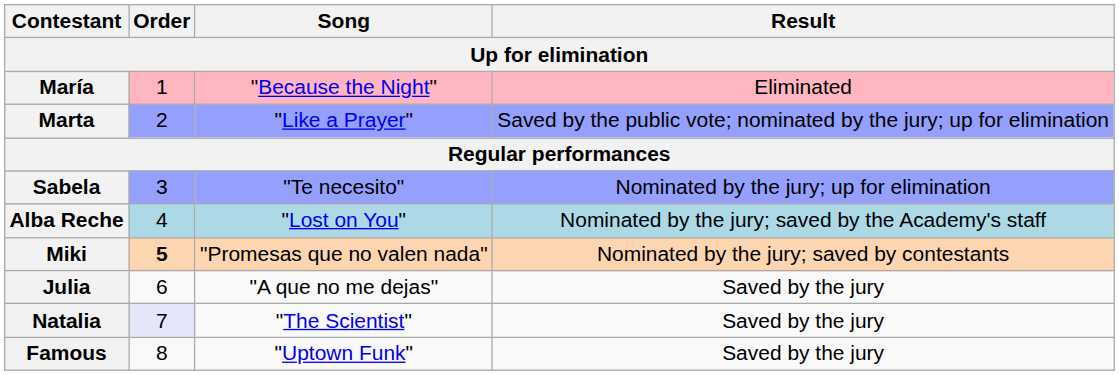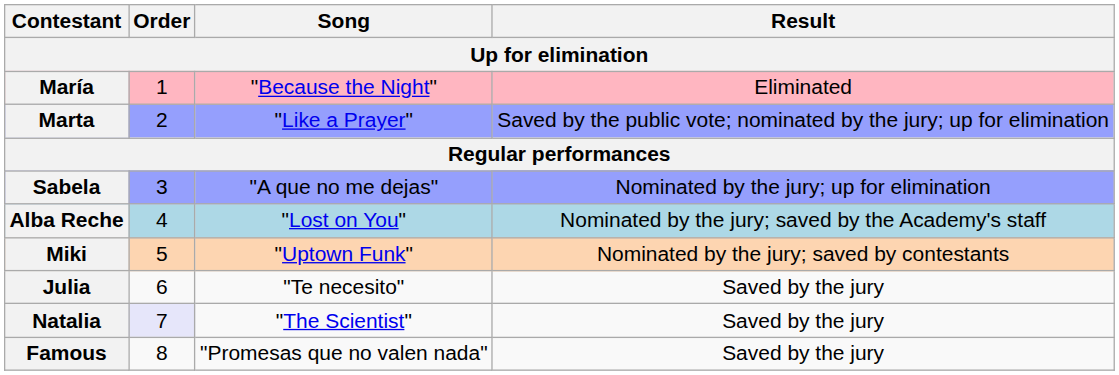 <table class="wikitable plainrowheaders" style="text-align:center;">
 <tr>
 <th scope="col">Contestant</th>
 <th scope="col">Order</th>
 <th scope="col">Song</th>
 <th scope="col">Result</th>
 </tr>
 <tr>
 <th colspan="4">Up for elimination</th>
 </tr>
 <tr style="background:lightpink">
 <th scope="row">María</th>
 <td>1</td>
 <td>"<a href='#'>Because the Night</a>"</td>
 <td>Eliminated</td>
 </tr>
 <tr style="background:#959ffd;">
 <th scope="row">Marta</th>
 <td>2</td>
 <td>"<a href='#'>Like a Prayer</a>"</td>
 <td>Saved by the public vote; nominated by the jury; up for elimination</td>
 </tr>
 <tr>
 <th colspan="4">Regular performances</th>
 </tr>
 <tr style="background:#959ffd;">
 <th scope="row">Sabela</th>
 <td>3</td>
-<td>"Te necesito"</td>
+<td>"A que no me dejas"</td>
 <td style="background:#959ffd;">Nominated by the jury; up for elimination</td>
 </tr>
 <tr style="background:lightblue;">
 <th scope="row">Alba Reche</th>
 <td>4</td>
 <td>"<a href='#'>Lost on You</a>"</td>
 <td style="background:lightblue;">Nominated by the jury; saved by the Academy's staff</td>
 </tr>
 <tr style="background:#fdd5b1;">
 <th scope="row">Miki</th>
-<td><strong>5</strong></td>
-<td>"Promesas que no valen nada"</td>
+<td>5</td>
+<td>"<a href='#'>Uptown Funk</a>"</td>
 <td style="background:#fdd5b1;">Nominated by the jury; saved by contestants</td>
 </tr>
 <tr>
 <th scope="row">Julia</th>
 <td>6</td>
-<td>"A que no me dejas"</td>
+<td>"Te necesito"</td>
 <td>Saved by the jury</td>
 </tr>
 <tr>
 <th scope="row">Natalia</th>
 <td style="background: lavender;">7</td>
 <td>"<a href='#'>The Scientist</a>"</td>
 <td>Saved by the jury</td>
 </tr>
 <tr>
 <th scope="row">Famous</th>
 <td>8</td>
-<td>"<a href='#'>Uptown Funk</a>"</td>
+<td>"Promesas que no valen nada"</td>
 <td>Saved by the jury</td>
 </tr>
 </table>
